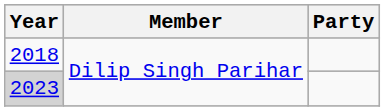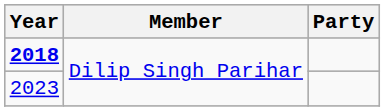 <table class="wikitable sortable">
 <tr>
 <th>Year</th>
 <th>Member</th>
 <th colspan=2>Party</th>
 </tr>
 <tr>
-<td><a href='#'>2018</a></td>
+<td><strong><a href='#'>2018</a></strong></td>
 <td Rowspan=2><a href='#'>Dilip Singh Parihar</a></td>
 <td></td>
 </tr>
 <tr>
-<td style="background: lightgrey;"><a href='#'>2023</a></td>
+<td><a href='#'>2023</a></td>
 </tr>
 </table>
